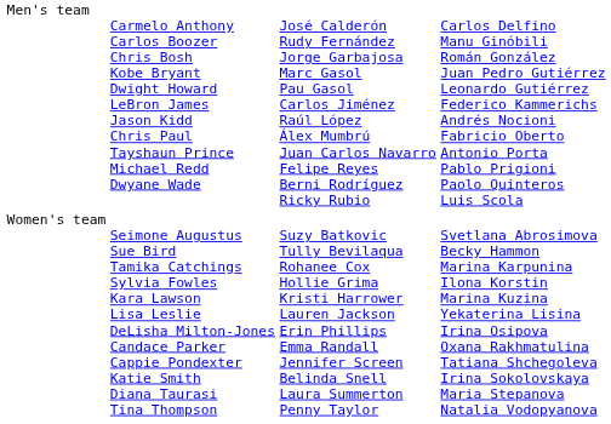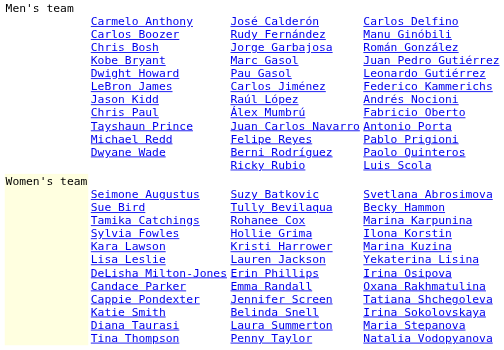 <table>
 <tr valign="top">
 <td>Men's team<br></td>
 <td><br><a href='#'>Carmelo Anthony</a><br><a href='#'>Carlos Boozer</a><br><a href='#'>Chris Bosh</a><br><a href='#'>Kobe Bryant</a><br><a href='#'>Dwight Howard</a><br><a href='#'>LeBron James</a><br><a href='#'>Jason Kidd</a><br><a href='#'>Chris Paul</a><br><a href='#'>Tayshaun Prince</a><br><a href='#'>Michael Redd</a><br><a href='#'>Dwyane Wade</a></td>
 <td><br><a href='#'>José Calderón</a><br><a href='#'>Rudy Fernández</a><br><a href='#'>Jorge Garbajosa</a><br><a href='#'>Marc Gasol</a><br><a href='#'>Pau Gasol</a><br><a href='#'>Carlos Jiménez</a><br><a href='#'>Raúl López</a><br><a href='#'>Álex Mumbrú</a><br><a href='#'>Juan Carlos Navarro</a><br><a href='#'>Felipe Reyes</a><br><a href='#'>Berni Rodríguez</a><br><a href='#'>Ricky Rubio</a></td>
 <td><br><a href='#'>Carlos Delfino</a><br><a href='#'>Manu Ginóbili</a><br><a href='#'>Román González</a><br><a href='#'>Juan Pedro Gutiérrez</a><br><a href='#'>Leonardo Gutiérrez</a><br><a href='#'>Federico Kammerichs</a><br><a href='#'>Andrés Nocioni</a><br><a href='#'>Fabricio Oberto</a><br><a href='#'>Antonio Porta</a><br><a href='#'>Pablo Prigioni</a><br><a href='#'>Paolo Quinteros</a><br><a href='#'>Luis Scola</a></td>
 </tr>
 <tr valign="top">
-<td>Women's team<br></td>
+<td style="background: lightyellow;">Women's team<br></td>
 <td><br><a href='#'>Seimone Augustus</a><br><a href='#'>Sue Bird</a><br><a href='#'>Tamika Catchings</a><br><a href='#'>Sylvia Fowles</a><br><a href='#'>Kara Lawson</a><br><a href='#'>Lisa Leslie</a><br><a href='#'>DeLisha Milton-Jones</a><br><a href='#'>Candace Parker</a><br><a href='#'>Cappie Pondexter</a><br><a href='#'>Katie Smith</a><br><a href='#'>Diana Taurasi</a><br><a href='#'>Tina Thompson</a></td>
 <td><br><a href='#'>Suzy Batkovic</a><br><a href='#'>Tully Bevilaqua</a><br><a href='#'>Rohanee Cox</a><br><a href='#'>Hollie Grima</a><br><a href='#'>Kristi Harrower</a><br><a href='#'>Lauren Jackson</a><br><a href='#'>Erin Phillips</a><br><a href='#'>Emma Randall</a><br><a href='#'>Jennifer Screen</a><br><a href='#'>Belinda Snell</a><br><a href='#'>Laura Summerton</a><br><a href='#'>Penny Taylor</a></td>
 <td><br><a href='#'>Svetlana Abrosimova</a><br><a href='#'>Becky Hammon</a><br><a href='#'>Marina Karpunina</a><br><a href='#'>Ilona Korstin</a><br><a href='#'>Marina Kuzina</a><br><a href='#'>Yekaterina Lisina</a><br><a href='#'>Irina Osipova</a><br><a href='#'>Oxana Rakhmatulina</a><br><a href='#'>Tatiana Shchegoleva</a><br><a href='#'>Irina Sokolovskaya</a><br><a href='#'>Maria Stepanova</a><br><a href='#'>Natalia Vodopyanova</a></td>
 </tr>
 </table>
